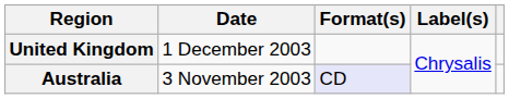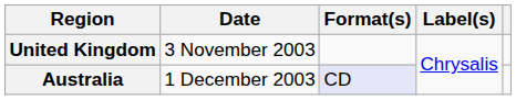 <table class="wikitable plainrowheaders">
 <tr>
 <th scope="col">Region</th>
 <th scope="col">Date</th>
 <th scope="col">Format(s)</th>
 <th scope="col">Label(s)</th>
 <th scope="col"></th>
 </tr>
 <tr>
 <th scope="row">United Kingdom</th>
-<td>1 December 2003</td>
+<td>3 November 2003</td>
 <td></td>
 <td rowspan="2"><a href='#'>Chrysalis</a></td>
 <td></td>
 </tr>
 <tr>
 <th scope="row">Australia</th>
-<td>3 November 2003</td>
+<td>1 December 2003</td>
 <td style="background: lavender;">CD</td>
 <td></td>
 </tr>
 </table>
